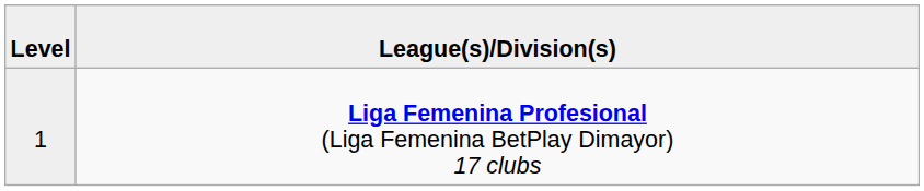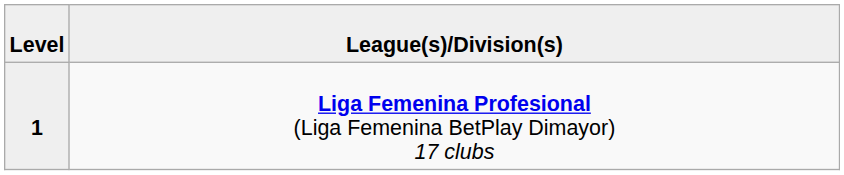 <table class="wikitable" style="text-align:center; width:100%;">
 <tr style="background:#efefef;">
 <td style="width:4%; text-align:center;"><br><strong>Level</strong></td>
 <td colspan="12"  style="width:96%; text-align:center;"><br><strong>League(s)/Division(s)</strong></td>
 </tr>
 <tr>
-<td style="text-align:center; width:4%; background:#efefef;"><br>1</td>
+<td style="text-align:center; width:4%; background:#efefef;"><strong><br>1</strong></td>
 <td colspan="12"  style="width:96%; text-align:center;"><br><strong><a href='#'>Liga Femenina Profesional</a></strong><br>(Liga Femenina BetPlay Dimayor)<br> <em>17 clubs</em><br></td>
 </tr>
 </table>
